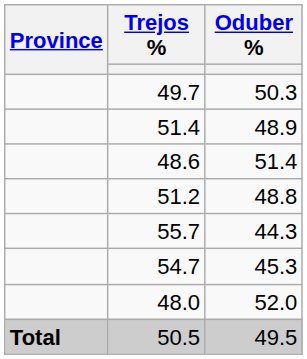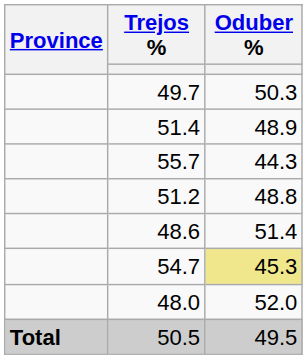 <table class="wikitable sortable" style="text-align:right; font-size:95%">
 <tr>
 <th rowspan=2><a href='#'>Province</a></th>
 <th width=60px><a href='#'>Trejos</a> %</th>
 <th width=60px><a href='#'>Oduber</a> %</th>
 </tr>
 <tr>
 <th style="background:"></th>
 <th style="background:"></th>
 </tr>
 <tr>
 <td align="left"></td>
 <td>49.7</td>
 <td style="background:">50.3</td>
 </tr>
 <tr>
 <td align="left"></td>
 <td style="background:">51.4</td>
 <td>48.9</td>
 </tr>
 <tr>
 <td align="left"></td>
-<td>48.6</td>
-<td style="background:">51.4</td>
+<td style="background:">55.7</td>
+<td>44.3</td>
 </tr>
 <tr>
 <td align="left"></td>
 <td style="background:">51.2</td>
 <td>48.8</td>
 </tr>
 <tr>
 <td align="left"></td>
-<td style="background:">55.7</td>
-<td>44.3</td>
+<td>48.6</td>
+<td style="background:">51.4</td>
 </tr>
 <tr>
 <td align="left"></td>
 <td style="background:">54.7</td>
-<td>45.3</td>
+<td style="background: khaki;">45.3</td>
 </tr>
 <tr>
 <td align="left"></td>
 <td>48.0</td>
 <td style="background:">52.0</td>
 </tr>
 <tr style="background:#CDCDCD;">
 <td align="left"><strong>Total</strong></td>
 <td style="background:">50.5</td>
 <td>49.5</td>
 </tr>
 </table>
